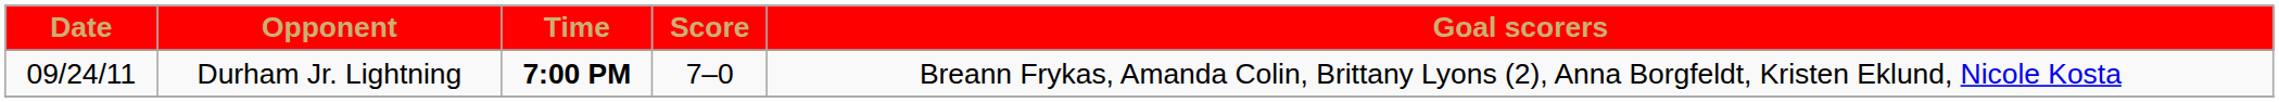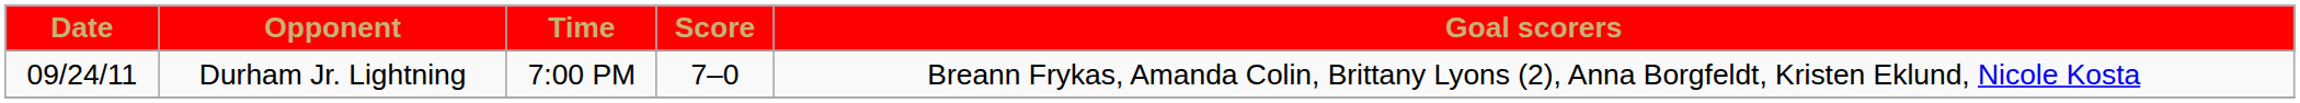 <table class="wikitable" width="80%">
 <tr align="center"  style=" background:red;color:#c9b074;">
 <td><strong>Date</strong></td>
 <td><strong>Opponent</strong></td>
 <td><strong>Time</strong></td>
 <td><strong>Score</strong></td>
 <td><strong>Goal scorers</strong></td>
 </tr>
 <tr align="center" bgcolor="">
 <td>09/24/11</td>
 <td>Durham Jr. Lightning</td>
-<td><strong>7:00 PM</strong></td>
+<td>7:00 PM</td>
 <td>7–0</td>
 <td>Breann Frykas, Amanda Colin, Brittany Lyons (2), Anna Borgfeldt, Kristen Eklund, <a href='#'>Nicole Kosta</a></td>
 </tr>
 <tr align="center" bgcolor="">
 </tr>
 </table>
